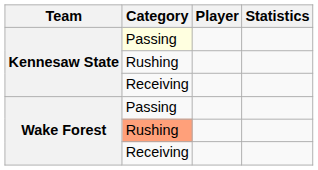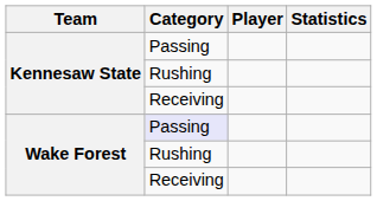 <table class="wikitable" style="float:right">
 <tr>
 <th>Team</th>
 <th>Category</th>
 <th>Player</th>
 <th>Statistics</th>
 </tr>
 <tr>
 <th rowspan=3>Kennesaw State</th>
-<td style="background: lightyellow;">Passing</td>
+<td>Passing</td>
 <td></td>
 <td></td>
 </tr>
 <tr>
 <td>Rushing</td>
 <td></td>
 <td></td>
 </tr>
 <tr>
 <td>Receiving</td>
 <td></td>
 <td></td>
 </tr>
 <tr>
 <th rowspan=3>Wake Forest</th>
-<td>Passing</td>
+<td style="background: lavender;">Passing</td>
 <td></td>
 <td></td>
 </tr>
 <tr>
-<td style="background: lightsalmon;">Rushing</td>
+<td>Rushing</td>
 <td></td>
 <td></td>
 </tr>
 <tr>
 <td>Receiving</td>
 <td></td>
 <td></td>
 </tr>
 </table>
